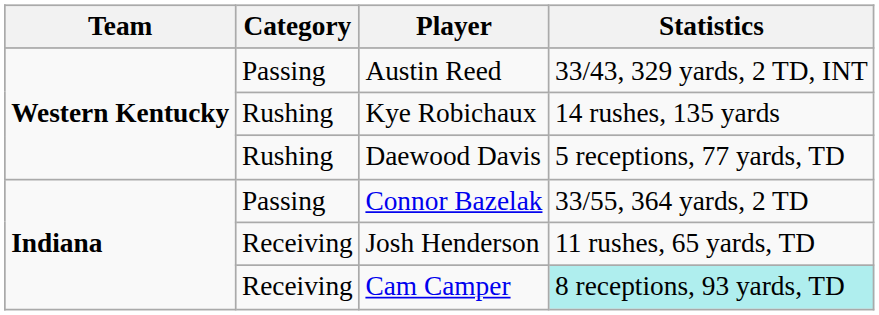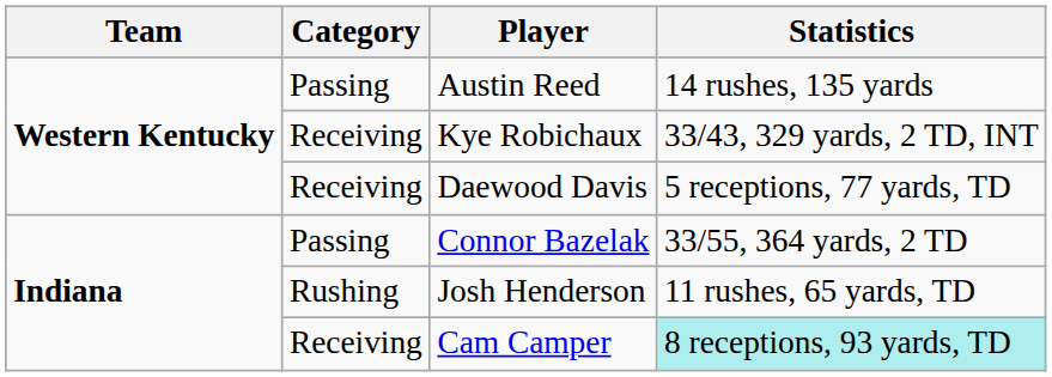 <table class="wikitable" style="float: left;">
 <tr>
 <th>Team</th>
 <th>Category</th>
 <th>Player</th>
 <th>Statistics</th>
 </tr>
 <tr>
 <td rowspan=3><strong>Western Kentucky</strong></td>
 <td>Passing</td>
 <td>Austin Reed</td>
+<td>14 rushes, 135 yards</td>
+</tr>
+<tr>
+<td>Receiving</td>
+<td>Kye Robichaux</td>
 <td>33/43, 329 yards, 2 TD, INT</td>
 </tr>
 <tr>
-<td>Rushing</td>
-<td>Kye Robichaux</td>
-<td>14 rushes, 135 yards</td>
-</tr>
-<tr>
-<td>Rushing</td>
+<td>Receiving</td>
 <td>Daewood Davis</td>
 <td>5 receptions, 77 yards, TD</td>
 </tr>
 <tr>
 <td rowspan=3><strong>Indiana</strong></td>
 <td>Passing</td>
 <td><a href='#'>Connor Bazelak</a></td>
 <td>33/55, 364 yards, 2 TD</td>
 </tr>
 <tr>
-<td>Receiving</td>
+<td>Rushing</td>
 <td>Josh Henderson</td>
 <td>11 rushes, 65 yards, TD</td>
 </tr>
 <tr>
 <td>Receiving</td>
 <td><a href='#'>Cam Camper</a></td>
 <td style="background: paleturquoise;">8 receptions, 93 yards, TD</td>
 </tr>
 </table>
